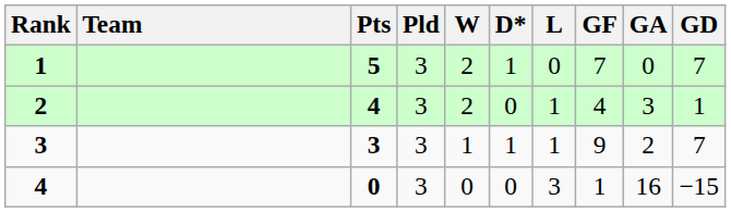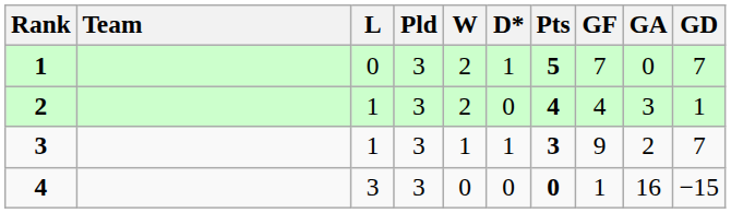 <table class="wikitable" style="text-align: center;">
 <tr>
 <th width=30>Rank</th>
 <th width=165 style="text-align:left;">Team</th>
-<th width=20>Pts</th>
+<th width=20>L</th>
 <th width=20>Pld</th>
 <th width=20>W</th>
 <th width=20>D*</th>
-<th width=20>L</th>
+<th width=20>Pts</th>
 <th width=20>GF</th>
 <th width=20>GA</th>
 <th width=20>GD</th>
 </tr>
 <tr style="background:#ccffcc;">
 <td><strong>1</strong></td>
 <td style="text-align:left;"></td>
-<td><strong>5</strong></td>
+<td>0</td>
 <td>3</td>
 <td>2</td>
 <td>1</td>
-<td>0</td>
+<td><strong>5</strong></td>
 <td>7</td>
 <td>0</td>
 <td>7</td>
 </tr>
 <tr style="background:#ccffcc;">
 <td><strong>2</strong></td>
 <td style="text-align:left;"></td>
-<td><strong>4</strong></td>
+<td>1</td>
 <td>3</td>
 <td>2</td>
 <td>0</td>
-<td>1</td>
+<td><strong>4</strong></td>
 <td>4</td>
 <td>3</td>
 <td>1</td>
 </tr>
 <tr>
 <td><strong>3</strong></td>
 <td style="text-align:left;"></td>
-<td><strong>3</strong></td>
+<td>1</td>
 <td>3</td>
 <td>1</td>
 <td>1</td>
-<td>1</td>
+<td><strong>3</strong></td>
 <td>9</td>
 <td>2</td>
 <td>7</td>
 </tr>
 <tr>
 <td><strong>4</strong></td>
 <td style="text-align:left;"></td>
-<td><strong>0</strong></td>
+<td>3</td>
 <td>3</td>
 <td>0</td>
 <td>0</td>
-<td>3</td>
+<td><strong>0</strong></td>
 <td>1</td>
 <td>16</td>
 <td>−15</td>
 </tr>
 </table>
